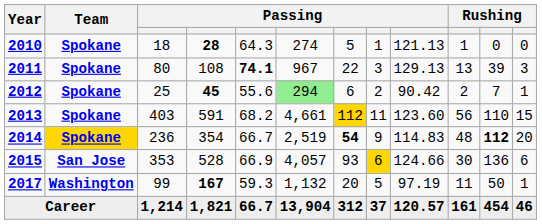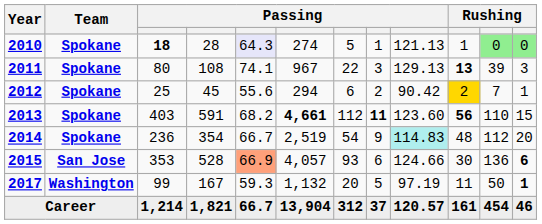 <table class="wikitable sortable" style="text-align:center">
 <tr>
 <th rowspan=2>Year</th>
 <th rowspan=2>Team</th>
 <th colspan=7>Passing</th>
 <th colspan=3>Rushing</th>
 </tr>
 <tr>
 <th></th>
 <th></th>
 <th></th>
 <th></th>
 <th></th>
 <th></th>
 <th></th>
 <th></th>
 <th></th>
 <th></th>
 </tr>
 <tr>
 <td><strong><a href='#'>2010</a></strong></td>
 <td><strong><a href='#'>Spokane</a></strong></td>
-<td>18</td>
-<td><strong>28</strong></td>
-<td>64.3</td>
+<td><strong>18</strong></td>
+<td>28</td>
+<td style="background: lavender;">64.3</td>
 <td>274</td>
 <td>5</td>
 <td>1</td>
 <td>121.13</td>
 <td>1</td>
-<td>0</td>
-<td>0</td>
+<td style="background: lightgreen;">0</td>
+<td style="background: lightgreen;">0</td>
 </tr>
 <tr>
 <td><strong><a href='#'>2011</a></strong></td>
 <td><strong><a href='#'>Spokane</a></strong></td>
 <td>80</td>
 <td>108</td>
-<td><strong>74.1</strong></td>
+<td>74.1</td>
 <td>967</td>
 <td>22</td>
 <td>3</td>
 <td>129.13</td>
-<td>13</td>
+<td><strong>13</strong></td>
 <td>39</td>
 <td>3</td>
 </tr>
 <tr>
 <td><strong><a href='#'>2012</a></strong></td>
 <td><strong><a href='#'>Spokane</a></strong></td>
 <td>25</td>
-<td><strong>45</strong></td>
+<td>45</td>
 <td>55.6</td>
-<td style="background: lightgreen;">294</td>
+<td>294</td>
 <td>6</td>
 <td>2</td>
 <td>90.42</td>
-<td>2</td>
+<td style="background: gold;">2</td>
 <td>7</td>
 <td>1</td>
 </tr>
 <tr>
 <td><strong><a href='#'>2013</a></strong></td>
 <td><strong><a href='#'>Spokane</a></strong></td>
 <td>403</td>
 <td>591</td>
 <td>68.2</td>
-<td>4,661</td>
-<td style="background: gold;">112</td>
-<td>11</td>
+<td><strong>4,661</strong></td>
+<td>112</td>
+<td><strong>11</strong></td>
 <td>123.60</td>
-<td>56</td>
+<td><strong>56</strong></td>
 <td>110</td>
 <td>15</td>
 </tr>
 <tr>
 <td><strong><a href='#'>2014</a></strong></td>
-<td style="background: gold;"><strong><a href='#'>Spokane</a></strong></td>
+<td><strong><a href='#'>Spokane</a></strong></td>
 <td>236</td>
 <td>354</td>
 <td>66.7</td>
 <td>2,519</td>
-<td><strong>54</strong></td>
+<td>54</td>
 <td>9</td>
-<td>114.83</td>
+<td style="background: paleturquoise;">114.83</td>
 <td>48</td>
-<td><strong>112</strong></td>
+<td>112</td>
 <td>20</td>
 </tr>
 <tr>
 <td><strong><a href='#'>2015</a></strong></td>
 <td><strong><a href='#'>San Jose</a></strong></td>
 <td>353</td>
 <td>528</td>
-<td>66.9</td>
+<td style="background: lightsalmon;">66.9</td>
 <td>4,057</td>
 <td>93</td>
-<td style="background: gold;">6</td>
+<td>6</td>
 <td>124.66</td>
 <td>30</td>
 <td>136</td>
-<td>6</td>
+<td><strong>6</strong></td>
 </tr>
 <tr>
 <td><strong><a href='#'>2017</a></strong></td>
 <td><strong><a href='#'>Washington</a></strong></td>
 <td>99</td>
-<td><strong>167</strong></td>
+<td>167</td>
 <td>59.3</td>
 <td>1,132</td>
 <td>20</td>
 <td>5</td>
 <td>97.19</td>
 <td>11</td>
 <td>50</td>
-<td>1</td>
+<td><strong>1</strong></td>
 </tr>
 <tr class="sortbottom" style="background:#eee;">
 <td colspan=2><strong>Career</strong></td>
 <td><strong>1,214</strong></td>
 <td><strong>1,821</strong></td>
 <td><strong>66.7</strong></td>
 <td><strong>13,904</strong></td>
 <td><strong>312</strong></td>
 <td><strong>37</strong></td>
 <td><strong>120.57</strong></td>
 <td><strong>161</strong></td>
 <td><strong>454</strong></td>
 <td><strong>46</strong></td>
 </tr>
 </table>
